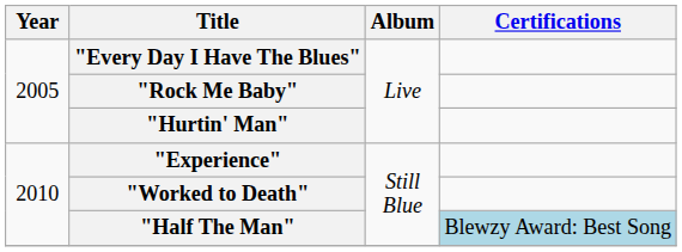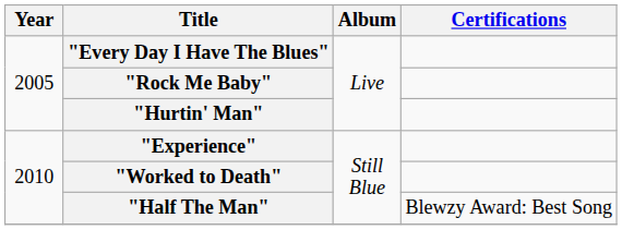 <table class="wikitable plainrowheaders" style="text-align:center;">
 <tr>
 <th scope="col" rowspan="1" style="width:2.5em;">Year</th>
 <th scope="col" rowspan="1">Title</th>
 <th scope="col" rowspan="1">Album</th>
 <th scope="col" rowspan="1"><a href='#'>Certifications</a></th>
 </tr>
 <tr>
 <td rowspan="3">2005</td>
 <th scope="row">"Every Day I Have The Blues"</th>
 <td rowspan="3"><em>Live</em></td>
 <td></td>
 </tr>
 <tr>
 <th scope="row">"Rock Me Baby"</th>
 <td></td>
 </tr>
 <tr>
 <th scope="row">"Hurtin' Man"</th>
 <td></td>
 </tr>
 <tr>
 <td rowspan="3">2010</td>
 <th scope="row">"Experience"</th>
 <td rowspan="3"><em>Still<br>Blue</em></td>
 <td></td>
 </tr>
 <tr>
 <th scope="row">"Worked to Death"</th>
 <td></td>
 </tr>
 <tr>
 <th scope="row">"Half The Man"</th>
-<td style="background: lightblue;">Blewzy Award: Best Song</td>
+<td>Blewzy Award: Best Song</td>
 </tr>
 <tr>
 </tr>
 </table>
